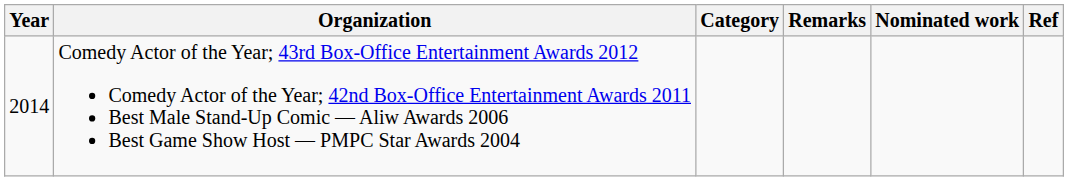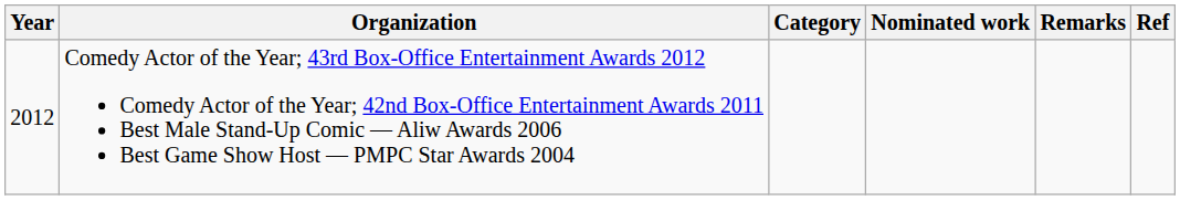 <table class="wikitable sortable">
 <tr>
 <th>Year</th>
 <th>Organization</th>
 <th>Category</th>
+<th>Nominated work</th>
 <th>Remarks</th>
-<th>Nominated work</th>
 <th>Ref</th>
 </tr>
 <tr>
-<td>2014</td>
+<td>2012</td>
 <td>Comedy Actor of the Year; <a href='#'>43rd Box-Office Entertainment Awards 2012</a><br><ul><li>Comedy Actor of the Year; <a href='#'>42nd Box-Office Entertainment Awards 2011</a></li><li>Best Male Stand-Up Comic — Aliw Awards 2006</li><li>Best Game Show Host — PMPC Star Awards 2004</li></ul></td>
 <td></td>
 <td></td>
 <td></td>
 <td></td>
 </tr>
 </table>
